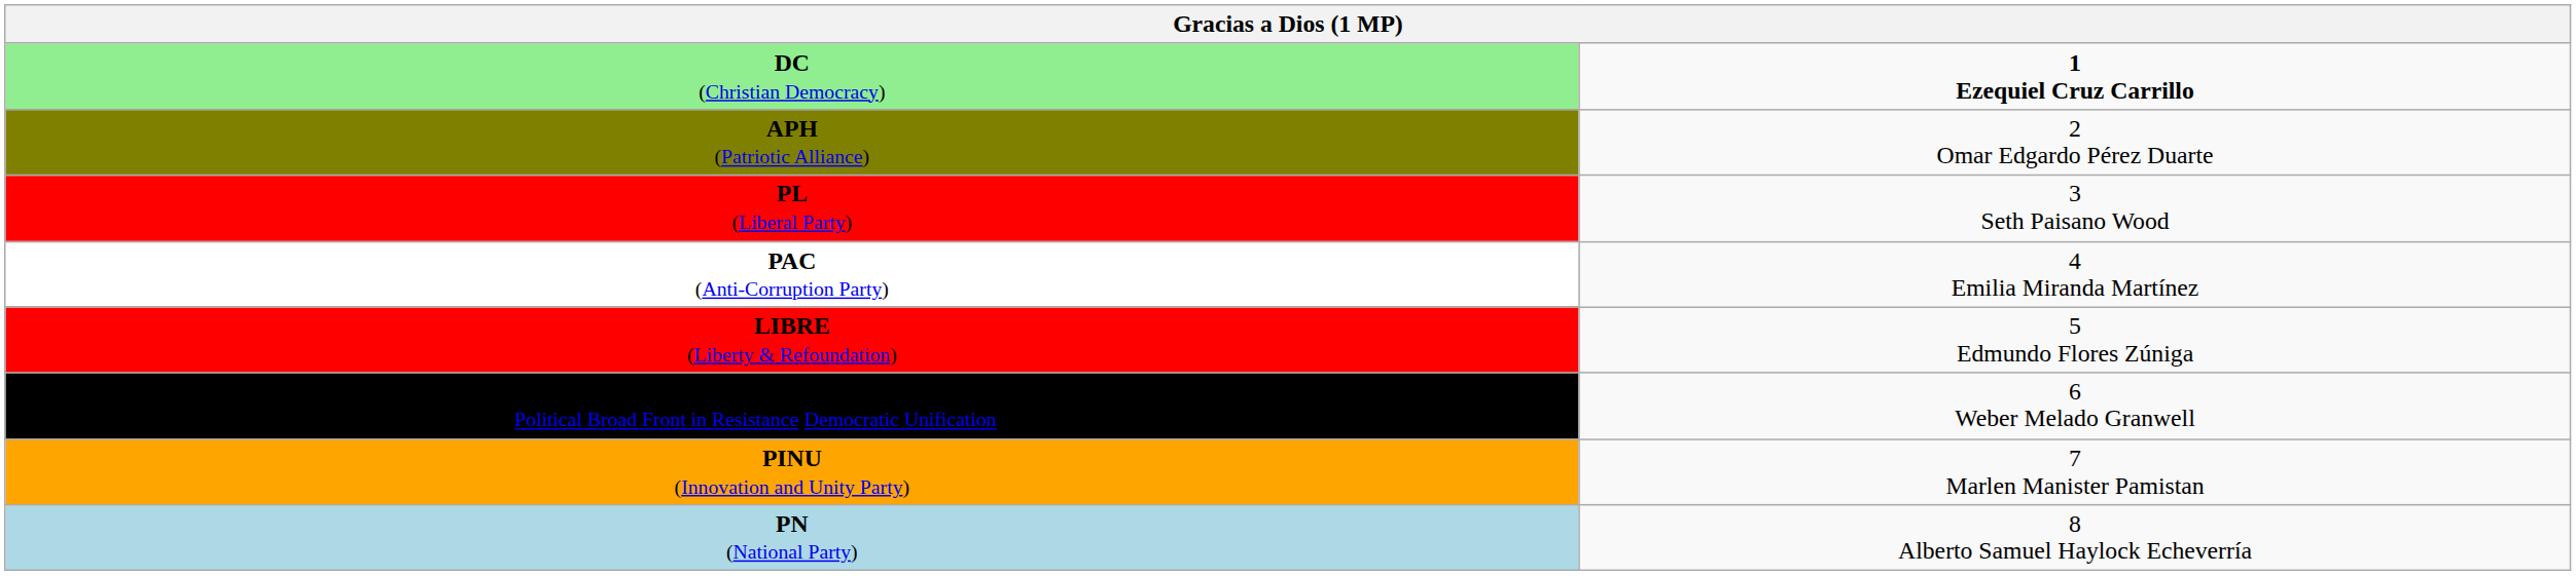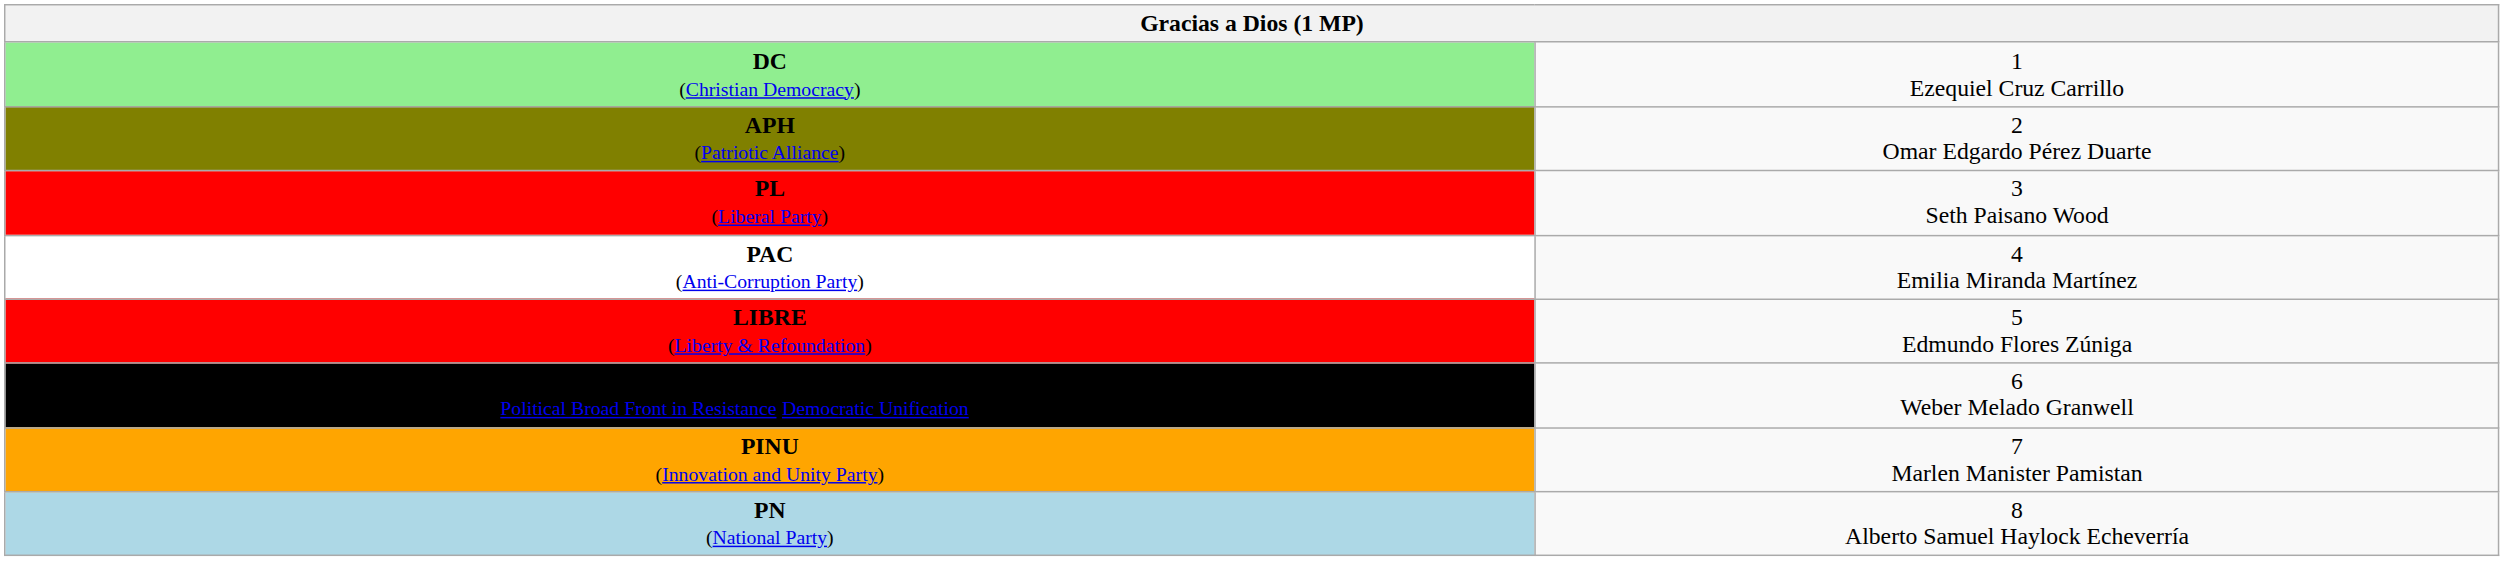 <table class="wikitable" align="center" style="width: 85%">
 <tr>
 <th colspan=24>Gracias a Dios (1 MP)</th>
 </tr>
 <tr align="center">
 <td bgcolor="lightgreen" rowspan=1><span><span><strong>DC</strong></span></span><br><small>(<a href='#'>Christian Democracy</a>)</small></td>
-<td><strong>1<br>Ezequiel Cruz Carrillo</strong></td>
+<td>1<br>Ezequiel Cruz Carrillo</td>
 </tr>
 <tr align="center">
 <td bgcolor="olive" rowspan=1><span><span><strong>APH</strong></span></span><br><small>(<a href='#'>Patriotic Alliance</a>)</small></td>
 <td>2<br>Omar Edgardo Pérez Duarte</td>
 </tr>
 <tr align="center">
 <td bgcolor="red" rowspan=1><span><span><strong>PL</strong></span></span><br><small>(<a href='#'>Liberal Party</a>)</small></td>
 <td>3<br>Seth Paisano Wood</td>
 </tr>
 <tr align="center">
 <td bgcolor="white" rowspan=1><span><span><strong>PAC</strong></span></span><br><small>(<a href='#'>Anti-Corruption Party</a>)</small></td>
 <td>4<br>Emilia Miranda Martínez</td>
 </tr>
 <tr align="center">
 <td bgcolor="red" rowspan=1><span><span><strong>LIBRE</strong></span></span><br><small>(<a href='#'>Liberty & Refoundation</a>)</small></td>
 <td>5<br>Edmundo Flores Zúniga</td>
 </tr>
 <tr align="center">
 <td bgcolor="black" rowspan=1><span><span><strong>UD/FAPER</strong></span></span><br><small>(<a href='#'>Political Broad Front in Resistance</a>/<a href='#'>Democratic Unification</a> Alliance)</small></td>
 <td>6<br>Weber Melado Granwell</td>
 </tr>
 <tr align="center">
 <td bgcolor="orange" rowspan=1><span><span><strong>PINU</strong></span></span><br><small>(<a href='#'>Innovation and Unity Party</a>)</small></td>
 <td>7<br>Marlen Manister Pamistan</td>
 </tr>
 <tr align="center">
 <td bgcolor="lightblue" rowspan=1><span><span><strong>PN</strong></span></span><br><small>(<a href='#'>National Party</a>)</small></td>
 <td>8<br>Alberto Samuel Haylock Echeverría</td>
 </tr>
 </table>
